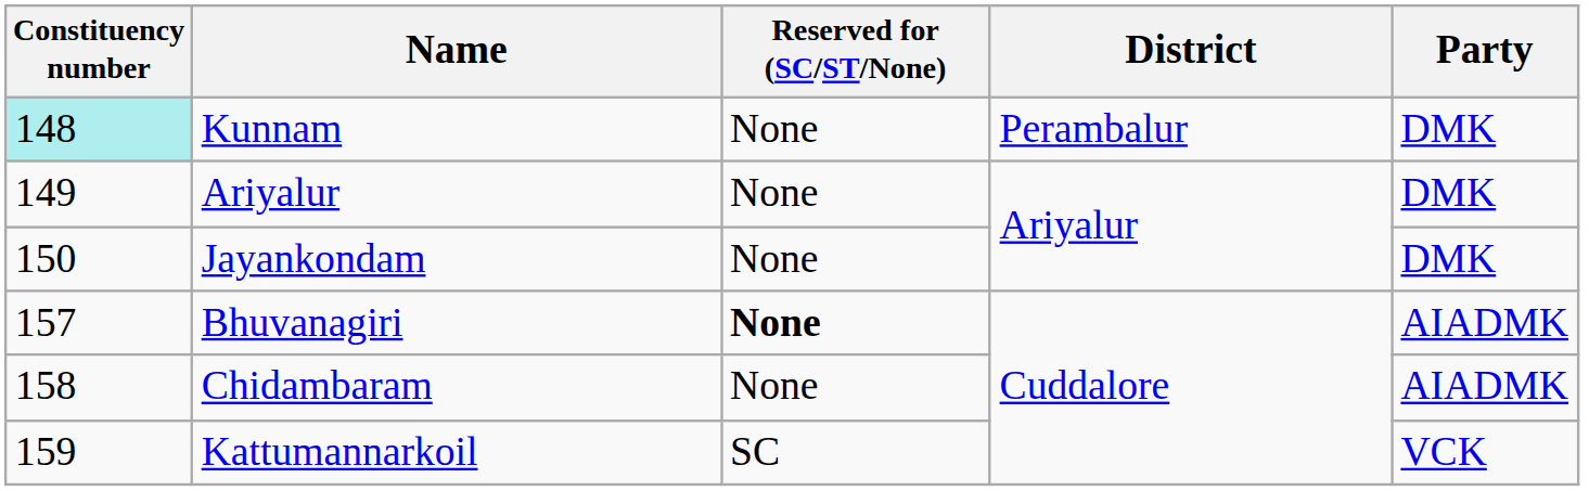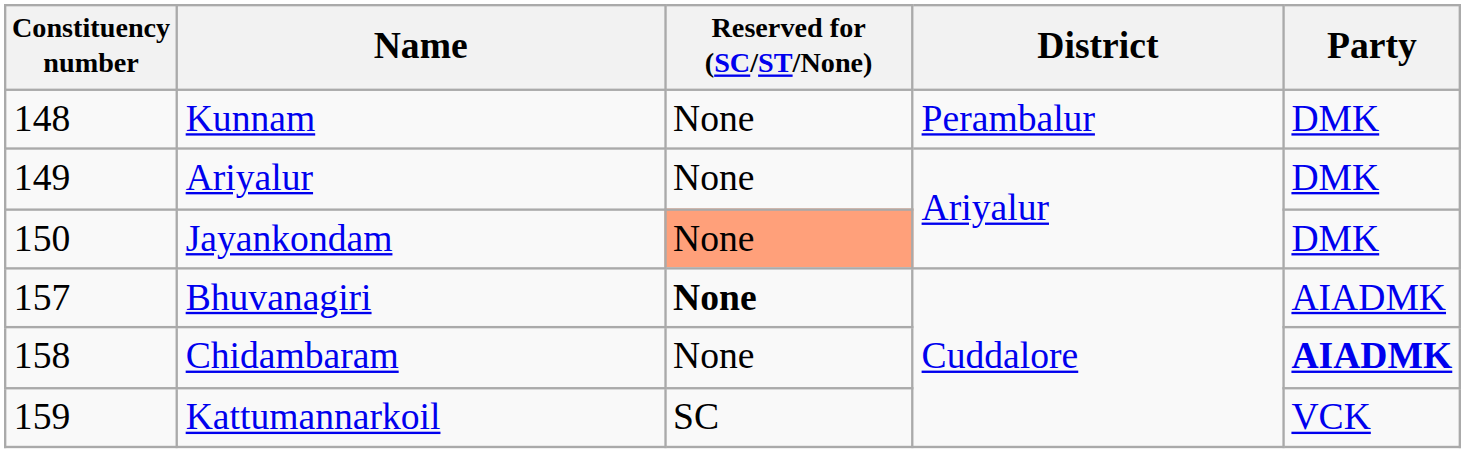 <table class="wikitable sortable">
 <tr>
 <th width="50px" style="font-size:75%">Constituency number</th>
 <th width="200px">Name</th>
 <th width="100px" style="font-size:75%">Reserved for (<a href='#'>SC</a>/<a href='#'>ST</a>/None)</th>
 <th width="150px">District</th>
 <th>Party</th>
 </tr>
 <tr>
-<td style="background: paleturquoise;">148</td>
+<td>148</td>
 <td><a href='#'>Kunnam</a></td>
 <td>None</td>
 <td><a href='#'>Perambalur</a></td>
 <td><a href='#'>DMK</a></td>
 </tr>
 <tr>
 <td>149</td>
 <td><a href='#'>Ariyalur</a></td>
 <td>None</td>
 <td rowspan="2"><a href='#'>Ariyalur</a></td>
 <td><a href='#'>DMK</a></td>
 </tr>
 <tr>
 <td>150</td>
 <td><a href='#'>Jayankondam</a></td>
-<td>None</td>
+<td style="background: lightsalmon;">None</td>
 <td><a href='#'>DMK</a></td>
 </tr>
 <tr>
 <td>157</td>
 <td><a href='#'>Bhuvanagiri</a></td>
 <td><strong>None</strong></td>
 <td rowspan="3"><a href='#'>Cuddalore</a></td>
 <td><a href='#'>AIADMK</a></td>
 </tr>
 <tr>
 <td>158</td>
 <td><a href='#'>Chidambaram</a></td>
 <td>None</td>
-<td><a href='#'>AIADMK</a></td>
+<td><strong><a href='#'>AIADMK</a></strong></td>
 </tr>
 <tr>
 <td>159</td>
 <td><a href='#'>Kattumannarkoil</a></td>
 <td>SC</td>
 <td><a href='#'>VCK</a></td>
 </tr>
 </table>
